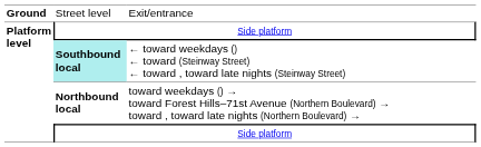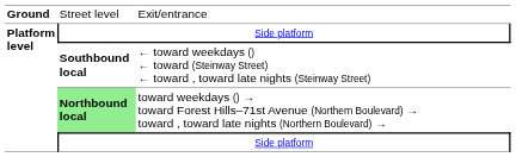 <table table border=0 cellspacing=0 cellpadding=3>
 <tr>
 <td style="border-top:solid 1px gray;" width=50><strong>Ground</strong></td>
 <td style="border-top:solid 1px gray;" width=100>Street level</td>
 <td style="border-top:solid 1px gray;" width=500>Exit/entrance</td>
 </tr>
 <tr>
 <td style="border-top:solid 1px gray;border-bottom:solid 1px gray;" rowspan=4 valign=top><strong>Platform level</strong></td>
 <td style="border-top:solid 1px gray;border-right:solid 2px black;border-left:solid 2px black;border-bottom:solid 2px black;text-align:center;" colspan=2><small><a href='#'>Side platform</a></small></td>
 </tr>
 <tr>
-<td style="background: paleturquoise;"><strong>Southbound local</strong></td>
+<td><strong>Southbound local</strong></td>
 <td>←  toward  weekdays <small>()</small><br>←  toward  <small>(Steinway Street)</small><br>←  toward ,  toward  late nights <small>(Steinway Street)</small></td>
 </tr>
 <tr>
-<td style="border-top:solid 1px gray;"><strong>Northbound local</strong></td>
+<td style="background: lightgreen; border-top:solid 1px gray;"><strong>Northbound local</strong></td>
 <td style="border-top:solid 1px gray;">  toward  weekdays <small>()</small> →<br>  toward Forest Hills–71st Avenue <small>(Northern Boulevard)</small> →<br>  toward ,  toward  late nights  <small>(Northern Boulevard)</small> →</td>
 </tr>
 <tr>
 <td style="border-top:solid 2px black;border-right:solid 2px black;border-left:solid 2px black;border-bottom:solid 1px gray;text-align:center;" colspan=2><small><a href='#'>Side platform</a></small></td>
 </tr>
 </table>
